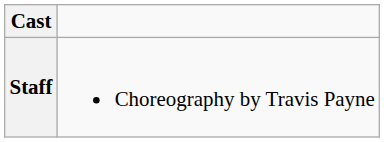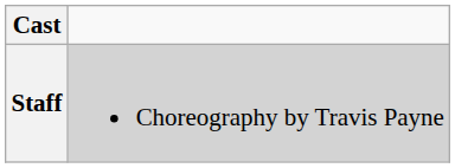 <table class="wikitable">
 <tr>
 <th>Cast</th>
 <td></td>
 </tr>
 <tr>
 <th>Staff</th>
-<td><br><ul><li>Choreography by Travis Payne</li></ul></td>
+<td style="background: lightgrey;"><br><ul><li>Choreography by Travis Payne</li></ul></td>
 </tr>
 </table>
